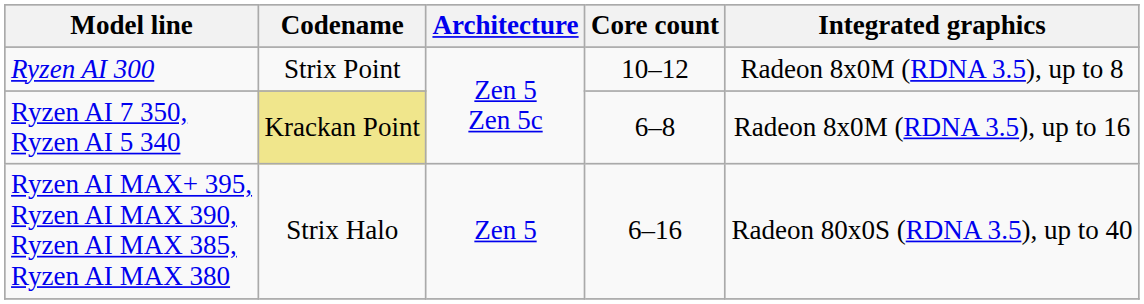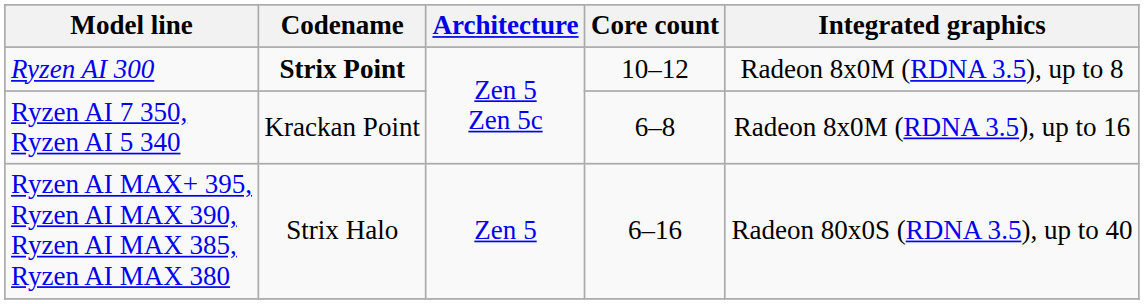 <table class="wikitable" style="text-align: center;">
 <tr>
 <th>Model line</th>
 <th>Codename</th>
 <th><a href='#'>Architecture</a></th>
 <th>Core count</th>
 <th>Integrated graphics</th>
 </tr>
 <tr>
 <td style="text-align: left;"><a href='#'><em>Ryzen AI 300</em></a></td>
-<td>Strix Point</td>
+<td><strong>Strix Point</strong></td>
 <td rowspan="2"><a href='#'>Zen 5</a><br><a href='#'>Zen 5c</a></td>
 <td>10–12</td>
 <td>Radeon 8x0M (<a href='#'>RDNA 3.5</a>), up to 8 </td>
 </tr>
 <tr>
 <td style="text-align: left;"><a href='#'>Ryzen AI 7 350,<br>Ryzen AI 5 340</a></td>
-<td style="background: khaki;">Krackan Point</td>
+<td>Krackan Point</td>
 <td>6–8</td>
 <td>Radeon 8x0M (<a href='#'>RDNA 3.5</a>), up to 16 </td>
 </tr>
 <tr>
 <td style="text-align: left;"><a href='#'>Ryzen AI MAX+ 395,<br>Ryzen AI MAX 390,<br>Ryzen AI MAX 385,<br>Ryzen AI MAX 380</a></td>
 <td>Strix Halo</td>
 <td><a href='#'>Zen 5</a></td>
 <td>6–16</td>
 <td>Radeon 80x0S (<a href='#'>RDNA 3.5</a>), up to 40 </td>
 </tr>
 </table>
